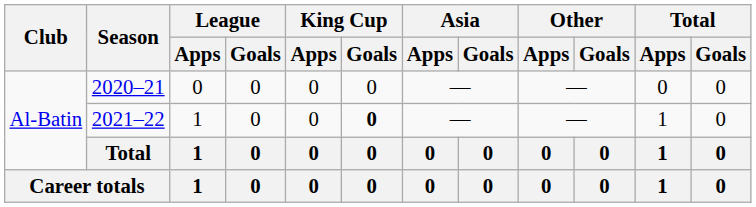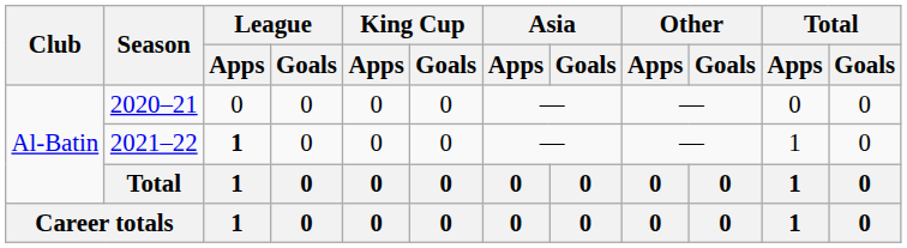 <table class="wikitable" style="text-align: center">
 <tr>
 <th rowspan=2>Club</th>
 <th rowspan=2>Season</th>
 <th colspan=2>League</th>
 <th colspan=2>King Cup</th>
 <th colspan=2>Asia</th>
 <th colspan=2>Other</th>
 <th colspan=2>Total</th>
 </tr>
 <tr>
 <th>Apps</th>
 <th>Goals</th>
 <th>Apps</th>
 <th>Goals</th>
 <th>Apps</th>
 <th>Goals</th>
 <th>Apps</th>
 <th>Goals</th>
 <th>Apps</th>
 <th>Goals</th>
 </tr>
 <tr>
 <td rowspan=3><a href='#'>Al-Batin</a></td>
 <td><a href='#'>2020–21</a></td>
 <td>0</td>
 <td>0</td>
 <td>0</td>
 <td>0</td>
 <td colspan=2>—</td>
 <td colspan=2>—</td>
 <td>0</td>
 <td>0</td>
 </tr>
 <tr>
 <td><a href='#'>2021–22</a></td>
-<td>1</td>
+<td><strong>1</strong></td>
 <td>0</td>
 <td>0</td>
-<td><strong>0</strong></td>
+<td>0</td>
 <td colspan=2>—</td>
 <td colspan=2>—</td>
 <td>1</td>
 <td>0</td>
 </tr>
 <tr>
 <th>Total</th>
 <th>1</th>
 <th>0</th>
 <th>0</th>
 <th>0</th>
 <th>0</th>
 <th>0</th>
 <th>0</th>
 <th>0</th>
 <th>1</th>
 <th>0</th>
 </tr>
 <tr>
 <th colspan=2>Career totals</th>
 <th>1</th>
 <th>0</th>
 <th>0</th>
 <th>0</th>
 <th>0</th>
 <th>0</th>
 <th>0</th>
 <th>0</th>
 <th>1</th>
 <th>0</th>
 </tr>
 </table>
